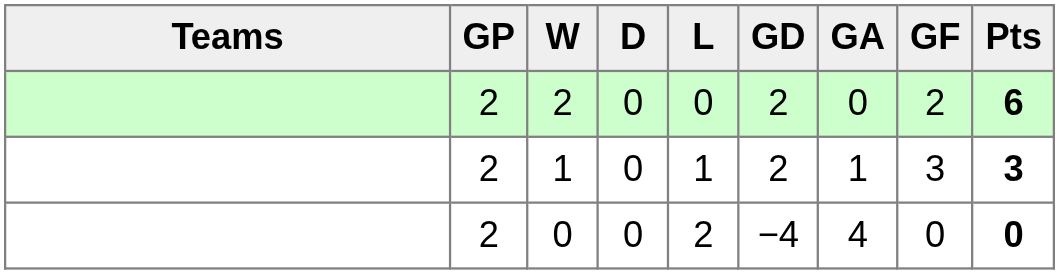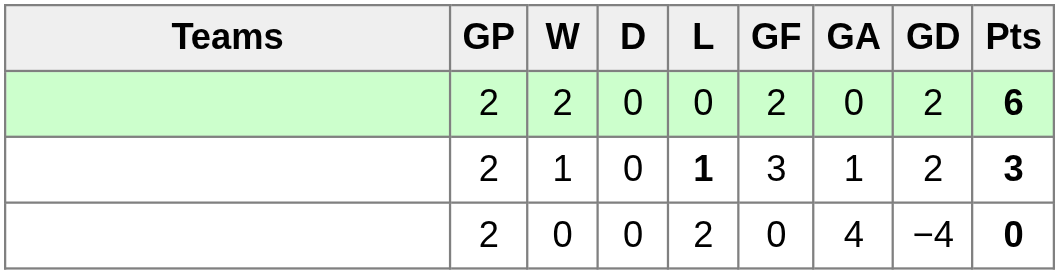 <table style=border-collapse:collapse border=1 cellspacing=0 cellpadding=5>
 <tr align=center bgcolor=#efefef>
 <th width=185>Teams</th>
 <th width=20>GP</th>
 <th width=20>W</th>
 <th width=20>D</th>
 <th width=20>L</th>
+<th width=20>GF</th>
+<th width=20>GA</th>
 <th width=20>GD</th>
-<th width=20>GA</th>
-<th width=20>GF</th>
 <th width=20>Pts</th>
 </tr>
 <tr align=center style="background:#ccffcc;">
 <td style="text-align:left;"></td>
 <td>2</td>
 <td>2</td>
 <td>0</td>
 <td>0</td>
 <td>2</td>
 <td>0</td>
 <td>2</td>
 <td><strong>6</strong></td>
 </tr>
 <tr align=center>
 <td style="text-align:left;"></td>
 <td>2</td>
 <td>1</td>
 <td>0</td>
+<td><strong>1</strong></td>
+<td>3</td>
 <td>1</td>
 <td>2</td>
-<td>1</td>
-<td>3</td>
 <td><strong>3</strong></td>
 </tr>
 <tr align=center>
 <td style="text-align:left;"></td>
 <td>2</td>
 <td>0</td>
 <td>0</td>
 <td>2</td>
+<td>0</td>
+<td>4</td>
 <td>−4</td>
-<td>4</td>
-<td>0</td>
 <td><strong>0</strong></td>
 </tr>
 </table>
